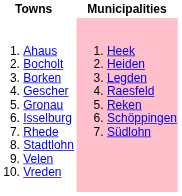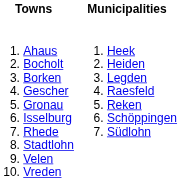 <table>
 <tr>
 <th>Towns</th>
 <th>Municipalities</th>
 </tr>
 <tr valign=top>
 <td><br><ol><li><a href='#'>Ahaus</a></li><li><a href='#'>Bocholt</a></li><li><a href='#'>Borken</a></li><li><a href='#'>Gescher</a></li><li><a href='#'>Gronau</a></li><li><a href='#'>Isselburg</a></li><li><a href='#'>Rhede</a></li><li><a href='#'>Stadtlohn</a></li><li><a href='#'>Velen</a></li><li><a href='#'>Vreden</a></li></ol></td>
-<td style="background: pink;"><br><ol><li><a href='#'>Heek</a></li><li><a href='#'>Heiden</a></li><li><a href='#'>Legden</a></li><li><a href='#'>Raesfeld</a></li><li><a href='#'>Reken</a></li><li><a href='#'>Schöppingen</a></li><li><a href='#'>Südlohn</a></li></ol></td>
+<td><br><ol><li><a href='#'>Heek</a></li><li><a href='#'>Heiden</a></li><li><a href='#'>Legden</a></li><li><a href='#'>Raesfeld</a></li><li><a href='#'>Reken</a></li><li><a href='#'>Schöppingen</a></li><li><a href='#'>Südlohn</a></li></ol></td>
 </tr>
 </table>
